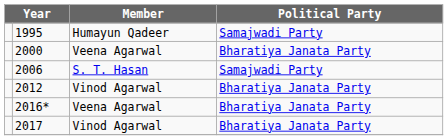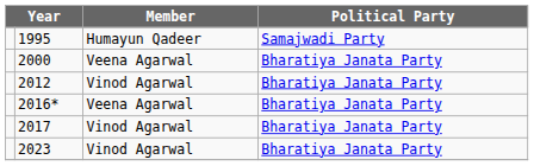 <table class="wikitable" width=80%>
 <tr>
 <th style="background-color:#666666; color:white" colspan="2">Year</th>
 <th style="background-color:#666666; color:white">Member</th>
 <th style="background-color:#666666; color:white">Political Party</th>
 </tr>
 <tr>
 <td style="background-color: "></td>
 <td>1995</td>
 <td>Humayun Qadeer</td>
 <td><a href='#'>Samajwadi Party</a></td>
 </tr>
 <tr>
 <td style="background-color: "></td>
 <td>2000</td>
 <td>Veena Agarwal</td>
 <td><a href='#'>Bharatiya Janata Party</a></td>
 </tr>
 <tr>
 <td style="background-color: "></td>
-<td>2006</td>
-<td><a href='#'>S. T. Hasan</a></td>
-<td><a href='#'>Samajwadi Party</a></td>
-</tr>
-<tr>
-<td style="background-color: "></td>
 <td>2012</td>
 <td>Vinod Agarwal</td>
 <td><a href='#'>Bharatiya Janata Party</a></td>
 </tr>
 <tr>
 <td style="background-color: "></td>
 <td>2016*</td>
 <td>Veena Agarwal</td>
 <td><a href='#'>Bharatiya Janata Party</a></td>
 </tr>
 <tr>
 <td style="background-color: "></td>
 <td>2017</td>
 <td>Vinod Agarwal</td>
 <td><a href='#'>Bharatiya Janata Party</a></td>
 </tr>
 <tr>
+<td style="background-color: "></td>
+<td>2023</td>
+<td>Vinod Agarwal</td>
+<td><a href='#'>Bharatiya Janata Party</a></td>
+</tr>
+<tr>
 </tr>
 </table>
